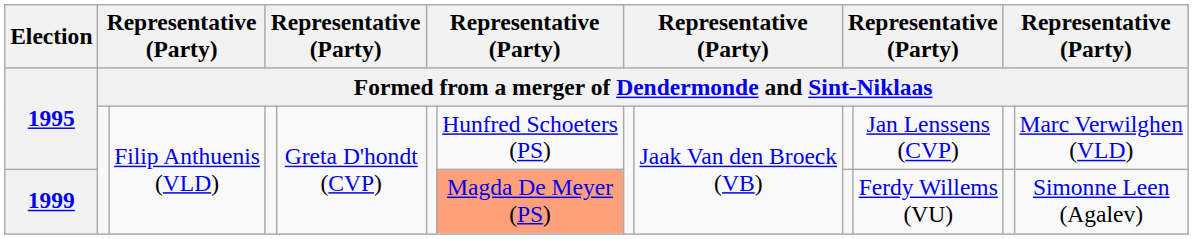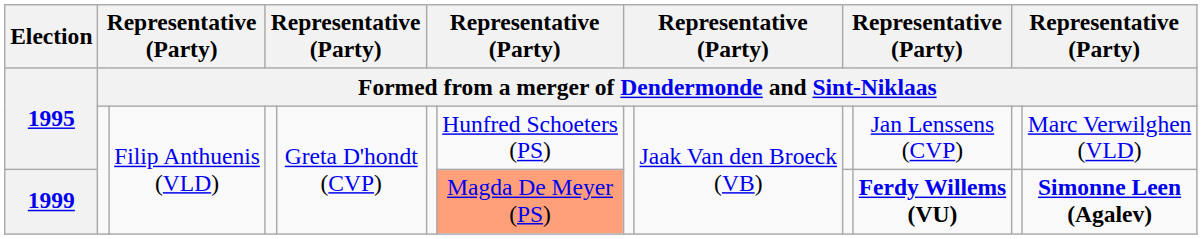 <table class="wikitable" style="text-align:center">
 <tr>
 <th>Election</th>
 <th colspan=2>Representative<br>(Party)</th>
 <th colspan=2>Representative<br>(Party)</th>
 <th colspan=2>Representative<br>(Party)</th>
 <th colspan=2>Representative<br>(Party)</th>
 <th colspan=2>Representative<br>(Party)</th>
 <th colspan=2>Representative<br>(Party)</th>
 </tr>
 <tr>
 <th rowspan=2><a href='#'>1995</a></th>
 <th colspan=12>Formed from a merger of <a href='#'>Dendermonde</a> and <a href='#'>Sint-Niklaas</a></th>
 </tr>
 <tr>
 <td rowspan=2; style="background-color: "></td>
 <td rowspan=2><a href='#'>Filip Anthuenis</a><br>(<a href='#'>VLD</a>)</td>
 <td rowspan=2; style="background-color: "></td>
 <td rowspan=2><a href='#'>Greta D'hondt</a><br>(<a href='#'>CVP</a>)</td>
 <td rowspan=2; style="background-color: "></td>
 <td rowspan=1><a href='#'>Hunfred Schoeters</a><br>(<a href='#'>PS</a>)</td>
 <td rowspan=2; style="background-color: "></td>
 <td rowspan=2><a href='#'>Jaak Van den Broeck</a><br>(<a href='#'>VB</a>)</td>
 <td rowspan=1; style="background-color: "></td>
 <td rowspan=1><a href='#'>Jan Lenssens</a><br>(<a href='#'>CVP</a>)</td>
 <td rowspan=1; style="background-color: "></td>
 <td rowspan=1><a href='#'>Marc Verwilghen</a><br>(<a href='#'>VLD</a>)</td>
 </tr>
 <tr>
 <th><a href='#'>1999</a></th>
 <td rowspan=1 style="background: lightsalmon;"><a href='#'>Magda De Meyer</a><br>(<a href='#'>PS</a>)</td>
 <td rowspan=1; style="background-color: "></td>
-<td rowspan=1><a href='#'>Ferdy Willems</a><br>(VU)</td>
+<td rowspan=1><strong><a href='#'>Ferdy Willems</a><br>(VU)</strong></td>
 <td rowspan=2; style="background-color: "></td>
-<td rowspan=1><a href='#'>Simonne Leen</a><br>(Agalev)</td>
+<td rowspan=1><strong><a href='#'>Simonne Leen</a><br>(Agalev)</strong></td>
 </tr>
 </table>
